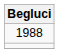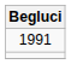 <table class="wikitable" style="margin: 0.5em auto; text-align: center;">
 <tr>
 <th colspan="1">Begluci</th>
 </tr>
 <tr>
-<td>1988</td>
+<td>1991</td>
 </tr>
 <tr>
 <td></td>
 </tr>
 <tr>
 </tr>
 </table>
